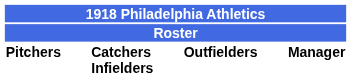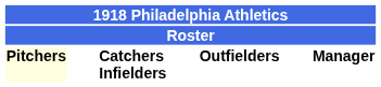 <table class="toccolours" style="font-size: 95%;">
 <tr>
 <th colspan="10" style="background-color: #4169e1; color: white; text-align: center;">1918 Philadelphia Athletics</th>
 </tr>
 <tr>
 <td colspan="10" style="background-color: #4169e1; color: white; text-align: center;"><strong>Roster</strong></td>
 </tr>
 <tr>
-<td valign="top"><strong>Pitchers</strong><br>            </td>
+<td valign="top" style="background: lightyellow;"><strong>Pitchers</strong><br>            </td>
 <td width="25px"></td>
 <td valign="top"><strong>Catchers</strong><br>  <strong>Infielders</strong>      </td>
 <td width="25px"></td>
 <td valign="top"><strong>Outfielders</strong><br>      </td>
 <td width="25px"></td>
 <td valign="top"><strong>Manager</strong><br></td>
 </tr>
 </table>
